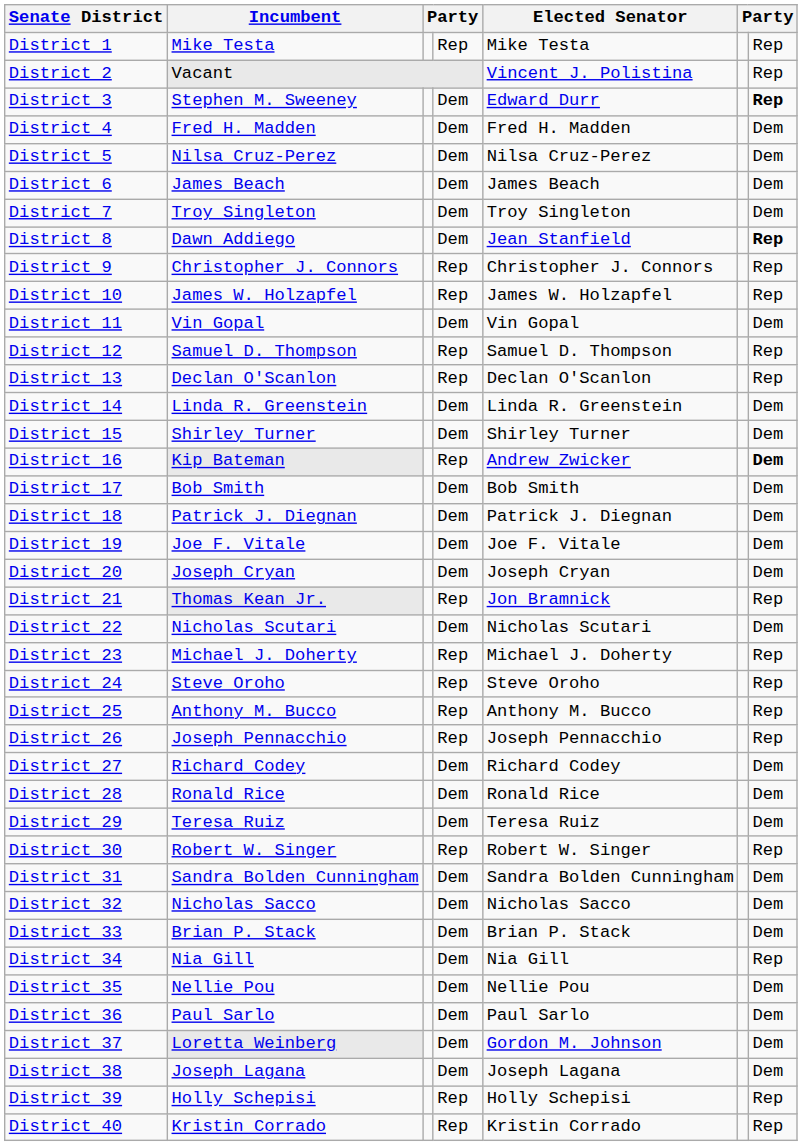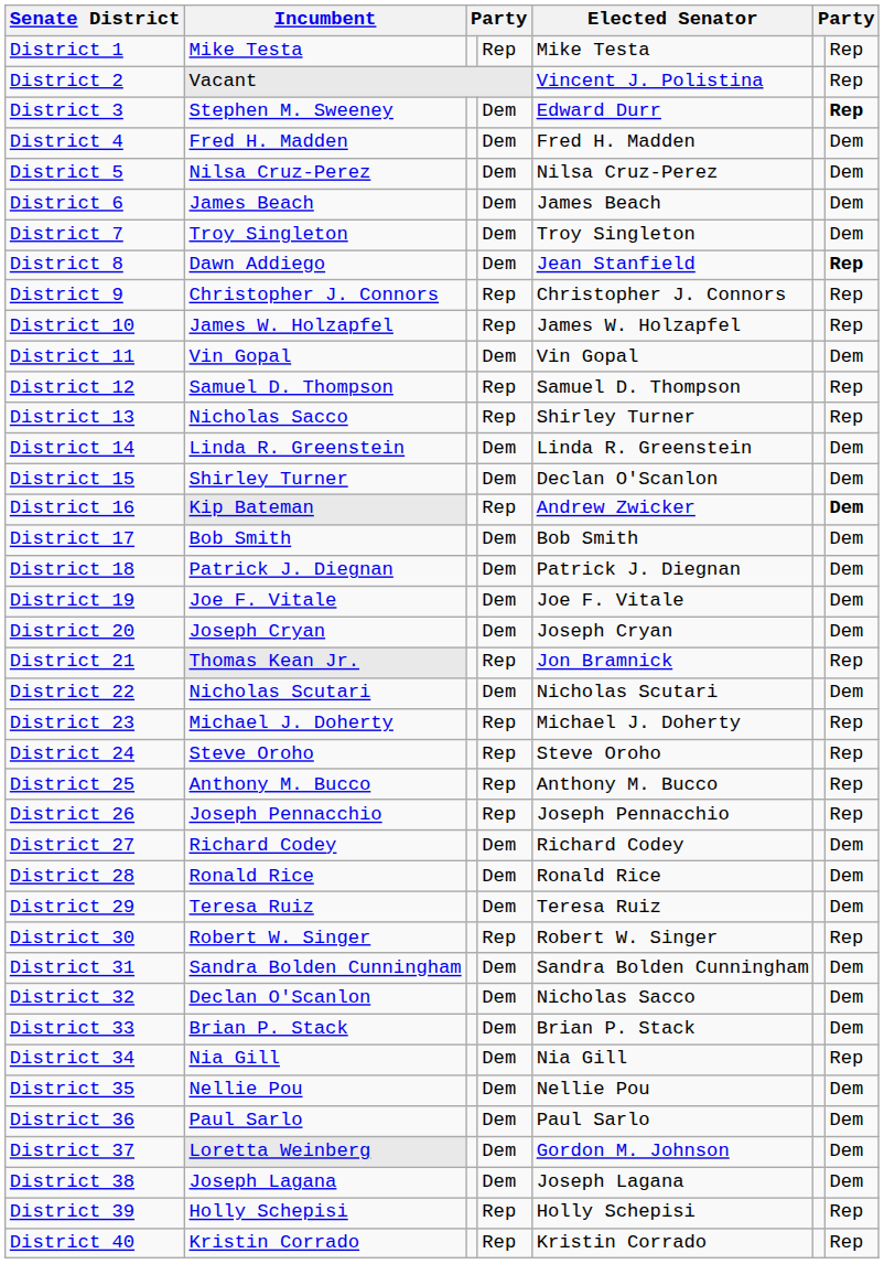 <table class="sortable wikitable" style="font-size:95%;line-height:14px;">
 <tr>
 <th colspan="1" class="unsortable"><a href='#'>Senate</a> District</th>
 <th class="unsortable"><a href='#'>Incumbent</a></th>
 <th colspan="2">Party</th>
 <th class="unsortable">Elected Senator</th>
 <th colspan="2">Party</th>
 </tr>
 <tr>
 <td><a href='#'>District 1</a></td>
 <td><a href='#'>Mike Testa</a></td>
 <td style="background:"></td>
 <td>Rep</td>
 <td>Mike Testa</td>
 <td style="background:"></td>
 <td>Rep</td>
 </tr>
 <tr>
 <td><a href='#'>District 2</a></td>
 <td colspan=3 style="background:#E9E9E9;">Vacant</td>
 <td><a href='#'>Vincent J. Polistina</a></td>
 <td style="background:"></td>
 <td>Rep</td>
 </tr>
 <tr>
 <td><a href='#'>District 3</a></td>
 <td><a href='#'>Stephen M. Sweeney</a></td>
 <td style="background:"></td>
 <td>Dem</td>
 <td><a href='#'>Edward Durr</a></td>
 <td style="background:"></td>
 <td><strong>Rep</strong></td>
 </tr>
 <tr>
 <td><a href='#'>District 4</a></td>
 <td><a href='#'>Fred H. Madden</a></td>
 <td style="background:"></td>
 <td>Dem</td>
 <td>Fred H. Madden</td>
 <td style="background:"></td>
 <td>Dem</td>
 </tr>
 <tr>
 <td><a href='#'>District 5</a></td>
 <td><a href='#'>Nilsa Cruz-Perez</a></td>
 <td style="background:"></td>
 <td>Dem</td>
 <td>Nilsa Cruz-Perez</td>
 <td style="background:"></td>
 <td>Dem</td>
 </tr>
 <tr>
 <td><a href='#'>District 6</a></td>
 <td><a href='#'>James Beach</a></td>
 <td style="background:"></td>
 <td>Dem</td>
 <td>James Beach</td>
 <td style="background:"></td>
 <td>Dem</td>
 </tr>
 <tr>
 <td><a href='#'>District 7</a></td>
 <td><a href='#'>Troy Singleton</a></td>
 <td style="background:"></td>
 <td>Dem</td>
 <td>Troy Singleton</td>
 <td style="background:"></td>
 <td>Dem</td>
 </tr>
 <tr>
 <td><a href='#'>District 8</a></td>
 <td><a href='#'>Dawn Addiego</a></td>
 <td style="background:"></td>
 <td>Dem</td>
 <td><a href='#'>Jean Stanfield</a></td>
 <td style="background:"></td>
 <td><strong>Rep</strong></td>
 </tr>
 <tr>
 <td><a href='#'>District 9</a></td>
 <td><a href='#'>Christopher J. Connors</a></td>
 <td style="background:"></td>
 <td>Rep</td>
 <td>Christopher J. Connors</td>
 <td style="background:"></td>
 <td>Rep</td>
 </tr>
 <tr>
 <td><a href='#'>District 10</a></td>
 <td><a href='#'>James W. Holzapfel</a></td>
 <td style="background:"></td>
 <td>Rep</td>
 <td>James W. Holzapfel</td>
 <td style="background:"></td>
 <td>Rep</td>
 </tr>
 <tr>
 <td><a href='#'>District 11</a></td>
 <td><a href='#'>Vin Gopal</a></td>
 <td style="background:"></td>
 <td>Dem</td>
 <td>Vin Gopal</td>
 <td style="background:"></td>
 <td>Dem</td>
 </tr>
 <tr>
 <td><a href='#'>District 12</a></td>
 <td><a href='#'>Samuel D. Thompson</a></td>
 <td style="background:"></td>
 <td>Rep</td>
 <td>Samuel D. Thompson</td>
 <td style="background:"></td>
 <td>Rep</td>
 </tr>
 <tr>
 <td><a href='#'>District 13</a></td>
-<td><a href='#'>Declan O'Scanlon</a></td>
+<td><a href='#'>Nicholas Sacco</a></td>
 <td style="background:"></td>
 <td>Rep</td>
-<td>Declan O'Scanlon</td>
+<td>Shirley Turner</td>
 <td style="background:"></td>
 <td>Rep</td>
 </tr>
 <tr>
 <td><a href='#'>District 14</a></td>
 <td><a href='#'>Linda R. Greenstein</a></td>
 <td style="background:"></td>
 <td>Dem</td>
 <td>Linda R. Greenstein</td>
 <td style="background:"></td>
 <td>Dem</td>
 </tr>
 <tr>
 <td><a href='#'>District 15</a></td>
 <td><a href='#'>Shirley Turner</a></td>
 <td style="background:"></td>
 <td>Dem</td>
-<td>Shirley Turner</td>
+<td>Declan O'Scanlon</td>
 <td style="background:"></td>
 <td>Dem</td>
 </tr>
 <tr>
 <td><a href='#'>District 16</a></td>
 <td style="background:#E9E9E9;"><a href='#'>Kip Bateman</a></td>
 <td style="background:"></td>
 <td>Rep</td>
 <td><a href='#'>Andrew Zwicker</a></td>
 <td style="background:"></td>
 <td><strong>Dem</strong></td>
 </tr>
 <tr>
 <td><a href='#'>District 17</a></td>
 <td><a href='#'>Bob Smith</a></td>
 <td style="background:"></td>
 <td>Dem</td>
 <td>Bob Smith</td>
 <td style="background:"></td>
 <td>Dem</td>
 </tr>
 <tr>
 <td><a href='#'>District 18</a></td>
 <td><a href='#'>Patrick J. Diegnan</a></td>
 <td style="background:"></td>
 <td>Dem</td>
 <td>Patrick J. Diegnan</td>
 <td style="background:"></td>
 <td>Dem</td>
 </tr>
 <tr>
 <td><a href='#'>District 19</a></td>
 <td><a href='#'>Joe F. Vitale</a></td>
 <td style="background:"></td>
 <td>Dem</td>
 <td>Joe F. Vitale</td>
 <td style="background:"></td>
 <td>Dem</td>
 </tr>
 <tr>
 <td><a href='#'>District 20</a></td>
 <td><a href='#'>Joseph Cryan</a></td>
 <td style="background:"></td>
 <td>Dem</td>
 <td>Joseph Cryan</td>
 <td style="background:"></td>
 <td>Dem</td>
 </tr>
 <tr>
 <td><a href='#'>District 21</a></td>
 <td style="background:#E9E9E9;"><a href='#'>Thomas Kean Jr.</a></td>
 <td style="background:"></td>
 <td>Rep</td>
 <td><a href='#'>Jon Bramnick</a></td>
 <td style="background:"></td>
 <td>Rep</td>
 </tr>
 <tr>
 <td><a href='#'>District 22</a></td>
 <td><a href='#'>Nicholas Scutari</a></td>
 <td style="background:"></td>
 <td>Dem</td>
 <td>Nicholas Scutari</td>
 <td style="background:"></td>
 <td>Dem</td>
 </tr>
 <tr>
 <td><a href='#'>District 23</a></td>
 <td><a href='#'>Michael J. Doherty</a></td>
 <td style="background:"></td>
 <td>Rep</td>
 <td>Michael J. Doherty</td>
 <td style="background:"></td>
 <td>Rep</td>
 </tr>
 <tr>
 <td><a href='#'>District 24</a></td>
 <td><a href='#'>Steve Oroho</a></td>
 <td style="background:"></td>
 <td>Rep</td>
 <td>Steve Oroho</td>
 <td style="background:"></td>
 <td>Rep</td>
 </tr>
 <tr>
 <td><a href='#'>District 25</a></td>
 <td><a href='#'>Anthony M. Bucco</a></td>
 <td style="background:"></td>
 <td>Rep</td>
 <td>Anthony M. Bucco</td>
 <td style="background:"></td>
 <td>Rep</td>
 </tr>
 <tr>
 <td><a href='#'>District 26</a></td>
 <td><a href='#'>Joseph Pennacchio</a></td>
 <td style="background:"></td>
 <td>Rep</td>
 <td>Joseph Pennacchio</td>
 <td style="background:"></td>
 <td>Rep</td>
 </tr>
 <tr>
 <td><a href='#'>District 27</a></td>
 <td><a href='#'>Richard Codey</a></td>
 <td style="background:"></td>
 <td>Dem</td>
 <td>Richard Codey</td>
 <td style="background:"></td>
 <td>Dem</td>
 </tr>
 <tr>
 <td><a href='#'>District 28</a></td>
 <td><a href='#'>Ronald Rice</a></td>
 <td style="background:"></td>
 <td>Dem</td>
 <td>Ronald Rice</td>
 <td style="background:"></td>
 <td>Dem</td>
 </tr>
 <tr>
 <td><a href='#'>District 29</a></td>
 <td><a href='#'>Teresa Ruiz</a></td>
 <td style="background:"></td>
 <td>Dem</td>
 <td>Teresa Ruiz</td>
 <td style="background:"></td>
 <td>Dem</td>
 </tr>
 <tr>
 <td><a href='#'>District 30</a></td>
 <td><a href='#'>Robert W. Singer</a></td>
 <td style="background:"></td>
 <td>Rep</td>
 <td>Robert W. Singer</td>
 <td style="background:"></td>
 <td>Rep</td>
 </tr>
 <tr>
 <td><a href='#'>District 31</a></td>
 <td><a href='#'>Sandra Bolden Cunningham</a></td>
 <td style="background:"></td>
 <td>Dem</td>
 <td>Sandra Bolden Cunningham</td>
 <td style="background:"></td>
 <td>Dem</td>
 </tr>
 <tr>
 <td><a href='#'>District 32</a></td>
-<td><a href='#'>Nicholas Sacco</a></td>
+<td><a href='#'>Declan O'Scanlon</a></td>
 <td style="background:"></td>
 <td>Dem</td>
 <td>Nicholas Sacco</td>
 <td style="background:"></td>
 <td>Dem</td>
 </tr>
 <tr>
 <td><a href='#'>District 33</a></td>
 <td><a href='#'>Brian P. Stack</a></td>
 <td style="background:"></td>
 <td>Dem</td>
 <td>Brian P. Stack</td>
 <td style="background:"></td>
 <td>Dem</td>
 </tr>
 <tr>
 <td><a href='#'>District 34</a></td>
 <td><a href='#'>Nia Gill</a></td>
 <td style="background:"></td>
 <td>Dem</td>
 <td>Nia Gill</td>
 <td style="background:"></td>
 <td>Rep</td>
 </tr>
 <tr>
 <td><a href='#'>District 35</a></td>
 <td><a href='#'>Nellie Pou</a></td>
 <td style="background:"></td>
 <td>Dem</td>
 <td>Nellie Pou</td>
 <td style="background:"></td>
 <td>Dem</td>
 </tr>
 <tr>
 <td><a href='#'>District 36</a></td>
 <td><a href='#'>Paul Sarlo</a></td>
 <td style="background:"></td>
 <td>Dem</td>
 <td>Paul Sarlo</td>
 <td style="background:"></td>
 <td>Dem</td>
 </tr>
 <tr>
 <td><a href='#'>District 37</a></td>
 <td style="background:#E9E9E9;"><a href='#'>Loretta Weinberg</a></td>
 <td style="background:"></td>
 <td>Dem</td>
 <td><a href='#'>Gordon M. Johnson</a></td>
 <td style="background:"></td>
 <td>Dem</td>
 </tr>
 <tr>
 <td><a href='#'>District 38</a></td>
 <td><a href='#'>Joseph Lagana</a></td>
 <td style="background:"></td>
 <td>Dem</td>
 <td>Joseph Lagana</td>
 <td style="background:"></td>
 <td>Dem</td>
 </tr>
 <tr>
 <td><a href='#'>District 39</a></td>
 <td><a href='#'>Holly Schepisi</a></td>
 <td style="background:"></td>
 <td>Rep</td>
 <td>Holly Schepisi</td>
 <td style="background:"></td>
 <td>Rep</td>
 </tr>
 <tr>
 <td><a href='#'>District 40</a></td>
 <td><a href='#'>Kristin Corrado</a></td>
 <td style="background:"></td>
 <td>Rep</td>
 <td>Kristin Corrado</td>
 <td style="background:"></td>
 <td>Rep</td>
 </tr>
 </table>
